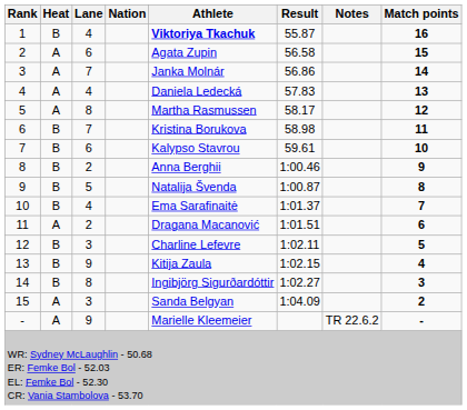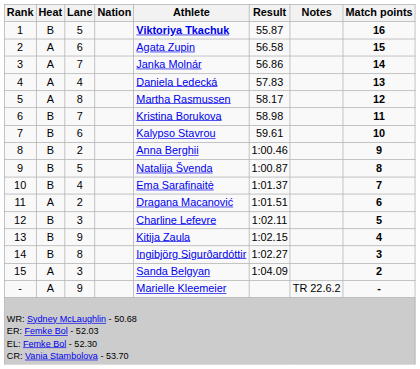 <table class="wikitable sortable" style="text-align:left;">
 <tr>
 <th>Rank</th>
 <th>Heat</th>
 <th>Lane</th>
 <th>Nation</th>
 <th>Athlete</th>
 <th>Result</th>
 <th>Notes</th>
 <th>Match points</th>
 </tr>
 <tr>
 <td align=center>1</td>
 <td align=center>B</td>
-<td align=center>4</td>
+<td align=center>5</td>
 <td></td>
 <td><strong><a href='#'>Viktoriya Tkachuk</a></strong></td>
 <td align=center>55.87</td>
 <td></td>
 <td align=center><strong>16</strong></td>
 </tr>
 <tr>
 <td align=center>2</td>
 <td align=center>A</td>
 <td align=center>6</td>
 <td></td>
 <td><a href='#'>Agata Zupin</a></td>
 <td align=center>56.58</td>
 <td></td>
 <td align=center><strong>15</strong></td>
 </tr>
 <tr>
 <td align=center>3</td>
 <td align=center>A</td>
 <td align=center>7</td>
 <td></td>
 <td><a href='#'>Janka Molnár</a></td>
 <td align=center>56.86</td>
 <td></td>
 <td align=center><strong>14</strong></td>
 </tr>
 <tr>
 <td align=center>4</td>
 <td align=center>A</td>
 <td align=center>4</td>
 <td></td>
 <td><a href='#'>Daniela Ledecká</a></td>
 <td align=center>57.83</td>
 <td align=center></td>
 <td align=center><strong>13</strong></td>
 </tr>
 <tr>
 <td align=center>5</td>
 <td align=center>A</td>
 <td align=center>8</td>
 <td></td>
 <td><a href='#'>Martha Rasmussen</a></td>
 <td align=center>58.17</td>
 <td></td>
 <td align=center><strong>12</strong></td>
 </tr>
 <tr>
 <td align=center>6</td>
 <td align=center>B</td>
 <td align=center>7</td>
 <td></td>
 <td><a href='#'>Kristina Borukova</a></td>
 <td align=center>58.98</td>
 <td></td>
 <td align=center><strong>11</strong></td>
 </tr>
 <tr>
 <td align=center>7</td>
 <td align=center>B</td>
 <td align=center>6</td>
 <td></td>
 <td><a href='#'>Kalypso Stavrou</a></td>
 <td align=center>59.61</td>
 <td align=center></td>
 <td align=center><strong>10</strong></td>
 </tr>
 <tr>
 <td align=center>8</td>
 <td align=center>B</td>
 <td align=center>2</td>
 <td></td>
 <td><a href='#'>Anna Berghii</a></td>
 <td align=center>1:00.46</td>
 <td align=center></td>
 <td align=center><strong>9</strong></td>
 </tr>
 <tr>
 <td align=center>9</td>
 <td align=center>B</td>
 <td align=center>5</td>
 <td></td>
 <td><a href='#'>Natalija Švenda</a></td>
 <td align=center>1:00.87</td>
 <td></td>
 <td align=center><strong>8</strong></td>
 </tr>
 <tr>
 <td align=center>10</td>
 <td align=center>B</td>
 <td align=center>4</td>
 <td></td>
 <td><a href='#'>Ema Sarafinaitė</a></td>
 <td align=center>1:01.37</td>
 <td align=center></td>
 <td align=center><strong>7</strong></td>
 </tr>
 <tr>
 <td align=center>11</td>
 <td align=center>A</td>
 <td align=center>2</td>
 <td></td>
 <td><a href='#'>Dragana Macanović</a></td>
 <td align=center>1:01.51</td>
 <td></td>
 <td align=center><strong>6</strong></td>
 </tr>
 <tr>
 <td align=center>12</td>
 <td align=center>B</td>
 <td align=center>3</td>
 <td></td>
 <td><a href='#'>Charline Lefevre</a></td>
 <td align=center>1:02.11</td>
 <td align=center></td>
 <td align=center><strong>5</strong></td>
 </tr>
 <tr>
 <td align=center>13</td>
 <td align=center>B</td>
 <td align=center>9</td>
 <td></td>
 <td><a href='#'>Kitija Zaula</a></td>
 <td align=center>1:02.15</td>
 <td></td>
 <td align=center><strong>4</strong></td>
 </tr>
 <tr>
 <td align=center>14</td>
 <td align=center>B</td>
 <td align=center>8</td>
 <td></td>
 <td><a href='#'>Ingibjörg Sigurðardóttir</a></td>
 <td align=center>1:02.27</td>
 <td></td>
 <td align=center><strong>3</strong></td>
 </tr>
 <tr>
 <td align=center>15</td>
 <td align=center>A</td>
 <td align=center>3</td>
 <td></td>
 <td><a href='#'>Sanda Belgyan</a></td>
 <td align=center>1:04.09</td>
 <td></td>
 <td align=center><strong>2</strong></td>
 </tr>
 <tr>
 <td align=center>-</td>
 <td align=center>A</td>
 <td align=center>9</td>
 <td></td>
 <td><a href='#'>Marielle Kleemeier</a></td>
 <td align=center></td>
 <td align=center>TR 22.6.2</td>
 <td align=center><strong>-</strong></td>
 </tr>
 <tr>
 <td colspan="8" bgcolor="#cccccc"><br> <small>WR:   <a href='#'>Sydney McLaughlin</a> - 50.68<br>ER:  <a href='#'>Femke Bol</a> - 52.03<br></small> <small>EL:   <a href='#'>Femke Bol</a> - 52.30<br>CR:  <a href='#'>Vania Stambolova</a> - 53.70</small></td>
 </tr>
 </table>
